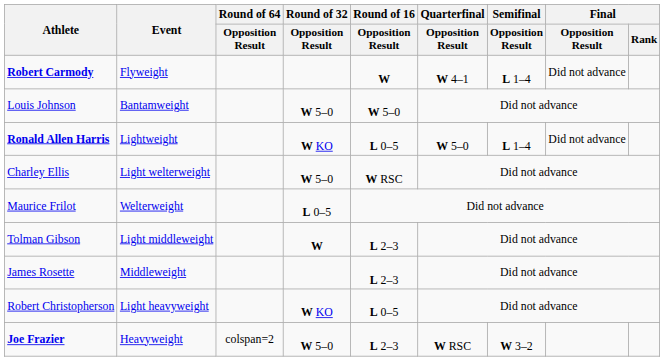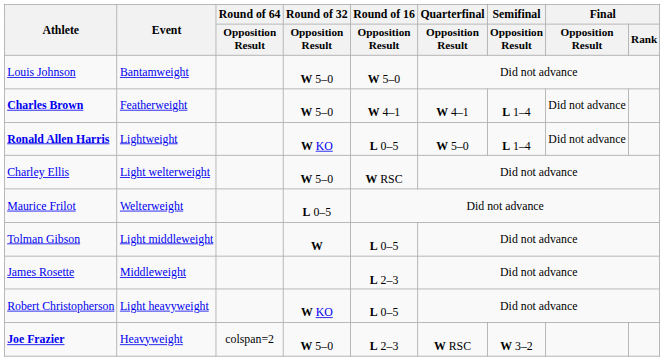 <table class=wikitable style=font-size:90%;text-align:center>
 <tr>
 <th rowspan=2>Athlete</th>
 <th rowspan=2>Event</th>
 <th>Round of 64</th>
 <th>Round of 32</th>
 <th>Round of 16</th>
 <th>Quarterfinal</th>
 <th>Semifinal</th>
 <th colspan=2>Final</th>
 </tr>
 <tr style=font-size:95%>
 <th>Opposition<br>Result</th>
 <th>Opposition<br>Result</th>
 <th>Opposition<br>Result</th>
 <th>Opposition<br>Result</th>
 <th>Opposition<br>Result</th>
 <th>Opposition<br>Result</th>
 <th>Rank</th>
 </tr>
 <tr>
-<td align=left><strong><a href='#'>Robert Carmody</a></strong></td>
-<td align=left><a href='#'>Flyweight</a></td>
-<td></td>
-<td></td>
-<td><br><strong>W</strong> </td>
-<td><br><strong>W</strong> 4–1</td>
-<td><br><strong>L</strong> 1–4</td>
-<td>Did not advance</td>
-<td></td>
-</tr>
-<tr>
 <td align=left><a href='#'>Louis Johnson</a></td>
 <td align=left><a href='#'>Bantamweight</a></td>
 <td></td>
 <td><br><strong>W</strong> 5–0</td>
 <td><br><strong>W</strong> 5–0</td>
 <td colspan=4>Did not advance</td>
+</tr>
+<tr>
+<td align=left><strong><a href='#'>Charles Brown</a></strong></td>
+<td align=left><a href='#'>Featherweight</a></td>
+<td></td>
+<td><br><strong>W</strong> 5–0</td>
+<td><br><strong>W</strong> 4–1</td>
+<td><br><strong>W</strong> 4–1</td>
+<td><br><strong>L</strong> 1–4</td>
+<td>Did not advance</td>
+<td></td>
 </tr>
 <tr>
 <td align=left><strong><a href='#'>Ronald Allen Harris</a></strong></td>
 <td align=left><a href='#'>Lightweight</a></td>
 <td></td>
 <td><br><strong>W</strong> <a href='#'>KO</a></td>
 <td><br><strong>L</strong> 0–5</td>
 <td><br><strong>W</strong> 5–0</td>
 <td><br><strong>L</strong> 1–4</td>
 <td>Did not advance</td>
 <td></td>
 </tr>
 <tr>
 <td align=left><a href='#'>Charley Ellis</a></td>
 <td align=left><a href='#'>Light welterweight</a></td>
 <td></td>
 <td><br><strong>W</strong> 5–0</td>
 <td><br><strong>W</strong> RSC</td>
 <td colspan=4>Did not advance</td>
 </tr>
 <tr>
 <td align=left><a href='#'>Maurice Frilot</a></td>
 <td align=left><a href='#'>Welterweight</a></td>
 <td></td>
 <td><br><strong>L</strong> 0–5</td>
 <td colspan=5>Did not advance</td>
 </tr>
 <tr>
 <td align=left><a href='#'>Tolman Gibson</a></td>
 <td align=left><a href='#'>Light middleweight</a></td>
 <td></td>
 <td><br><strong>W</strong> </td>
-<td><br><strong>L</strong> 2–3</td>
+<td><br><strong>L</strong> 0–5</td>
 <td colspan=4>Did not advance</td>
 </tr>
 <tr>
 <td align=left><a href='#'>James Rosette</a></td>
 <td align=left><a href='#'>Middleweight</a></td>
 <td></td>
 <td></td>
 <td><br><strong>L</strong> 2–3</td>
 <td colspan=4>Did not advance</td>
 </tr>
 <tr>
 <td align=left><a href='#'>Robert Christopherson</a></td>
 <td align=left><a href='#'>Light heavyweight</a></td>
 <td></td>
 <td><br><strong>W</strong> <a href='#'>KO</a></td>
 <td><br><strong>L</strong> 0–5</td>
 <td colspan=4>Did not advance</td>
 </tr>
 <tr>
 <td align=left><strong><a href='#'>Joe Frazier</a></strong></td>
 <td align=left><a href='#'>Heavyweight</a></td>
 <td>colspan=2 </td>
 <td><br><strong>W</strong> 5–0</td>
 <td><br><strong>L</strong> 2–3</td>
 <td><br><strong>W</strong> RSC</td>
 <td><br><strong>W</strong> 3–2</td>
 <td></td>
 </tr>
 </table>
